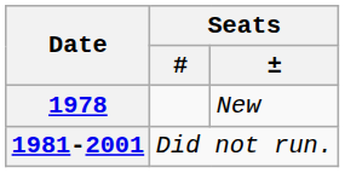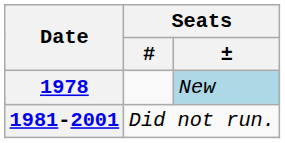 <table class="wikitable">
 <tr>
 <th rowspan="2">Date</th>
 <th colspan="2">Seats</th>
 </tr>
 <tr>
 <th>#</th>
 <th>±</th>
 </tr>
 <tr>
 <th><a href='#'>1978</a></th>
 <td></td>
-<td><em>New</em></td>
+<td style="background: lightblue;"><em>New</em></td>
 </tr>
 <tr>
 <th><a href='#'>1981</a>-<a href='#'>2001</a></th>
 <td colspan="5" style="text-align:center;"><em>Did not run.</em></td>
 </tr>
 </table>
